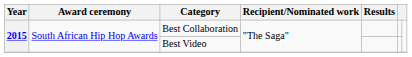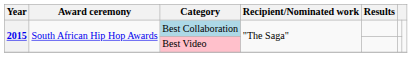 <table class="wikitable">
 <tr>
 <th>Year</th>
 <th>Award ceremony</th>
 <th>Category</th>
 <th>Recipient/Nominated work</th>
 <th>Results</th>
 <th colspan="2"></th>
 </tr>
 <tr>
 <th rowspan="2"><a href='#'>2015</a></th>
 <td rowspan="2"><a href='#'>South African Hip Hop Awards</a></td>
-<td>Best Collaboration</td>
+<td style="background: lightblue;">Best Collaboration</td>
 <td rowspan="2">"The Saga"</td>
 <td></td>
 <td></td>
 <td rowspan="2"></td>
 </tr>
 <tr>
-<td>Best Video</td>
+<td style="background: pink;">Best Video</td>
 <td></td>
 <td></td>
 </tr>
 <tr>
 </tr>
 </table>
